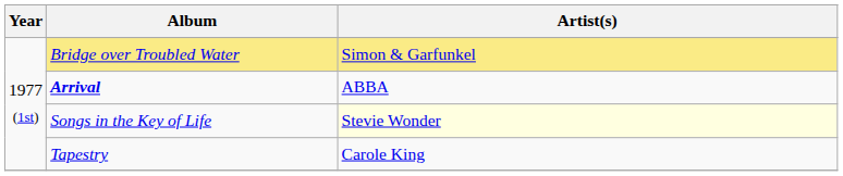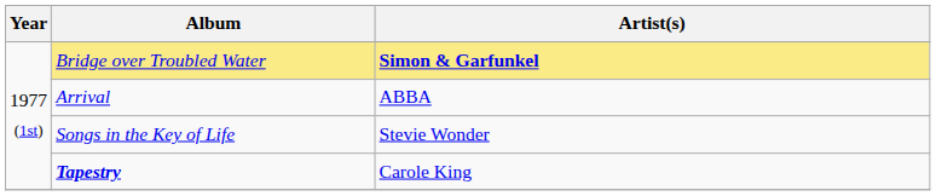 <table class="wikitable" style="font-size:1.00em; line-height:1.5em;">
 <tr bgcolor="#bebebe">
 </tr>
 <tr bgcolor="#bebebe">
 <th width="5%">Year</th>
 <th width="35%">Album</th>
 <th width="60%">Artist(s)</th>
 </tr>
 <tr>
 <td rowspan="5" style="text-align:center;">1977 <br><small>(<a href='#'>1st</a>)</small></td>
 </tr>
 <tr style="background:#FAEB86;">
 <td><em><a href='#'>Bridge over Troubled Water</a></em></td>
-<td><a href='#'>Simon & Garfunkel</a></td>
+<td><strong><a href='#'>Simon & Garfunkel</a></strong></td>
 </tr>
 <tr>
-<td><strong><em><a href='#'>Arrival</a></em></strong></td>
+<td><em><a href='#'>Arrival</a></em></td>
 <td><a href='#'>ABBA</a></td>
 </tr>
 <tr>
 <td><em><a href='#'>Songs in the Key of Life</a></em></td>
-<td style="background: lightyellow;"><a href='#'>Stevie Wonder</a></td>
+<td><a href='#'>Stevie Wonder</a></td>
 </tr>
 <tr>
-<td><em><a href='#'>Tapestry</a></em></td>
+<td><strong><em><a href='#'>Tapestry</a></em></strong></td>
 <td><a href='#'>Carole King</a></td>
 </tr>
 <tr>
 </tr>
 </table>
